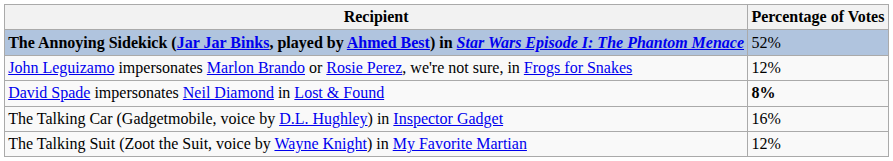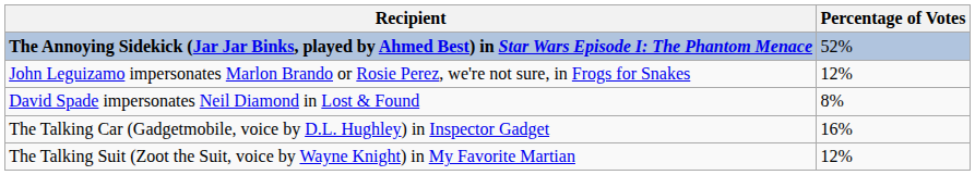 <table class="wikitable sortable plainrowheaders" align="centre">
 <tr>
 <th>Recipient</th>
 <th>Percentage of Votes</th>
 </tr>
 <tr>
 </tr>
 <tr style="background:#B0C4DE;">
 <td><strong>The Annoying Sidekick (<a href='#'>Jar Jar Binks</a>, played by <a href='#'>Ahmed Best</a>) in <em><a href='#'>Star Wars Episode I: The Phantom Menace</a><strong><em></td>
 <td></strong>52%<strong></td>
 </tr>
 <tr>
 <td><a href='#'>John Leguizamo</a> impersonates <a href='#'>Marlon Brando</a> or <a href='#'>Rosie Perez</a>, we're not sure, in </em><a href='#'>Frogs for Snakes</a><em></td>
 <td>12%</td>
 </tr>
 <tr>
 <td><a href='#'>David Spade</a> impersonates <a href='#'>Neil Diamond</a> in </em><a href='#'>Lost & Found</a><em></td>
-<td><strong>8%</strong></td>
+<td>8%</td>
 </tr>
 <tr>
 <td>The Talking Car (Gadgetmobile, voice by <a href='#'>D.L. Hughley</a>) in </em><a href='#'>Inspector Gadget</a><em></td>
 <td>16%</td>
 </tr>
 <tr>
 <td>The Talking Suit (Zoot the Suit, voice by <a href='#'>Wayne Knight</a>) in </em><a href='#'>My Favorite Martian</a><em></td>
 <td>12%</td>
 </tr>
 <tr>
 </tr>
 </table>
